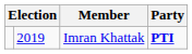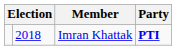 <table class="wikitable">
 <tr>
 <th colspan="2">Election</th>
 <th>Member</th>
 <th>Party</th>
 </tr>
 <tr>
 <td style="background-color: "></td>
-<td><a href='#'>2019</a></td>
+<td><a href='#'>2018</a></td>
 <td><a href='#'>Imran Khattak</a></td>
 <td><strong><a href='#'>PTI</a></strong></td>
 </tr>
 </table>
